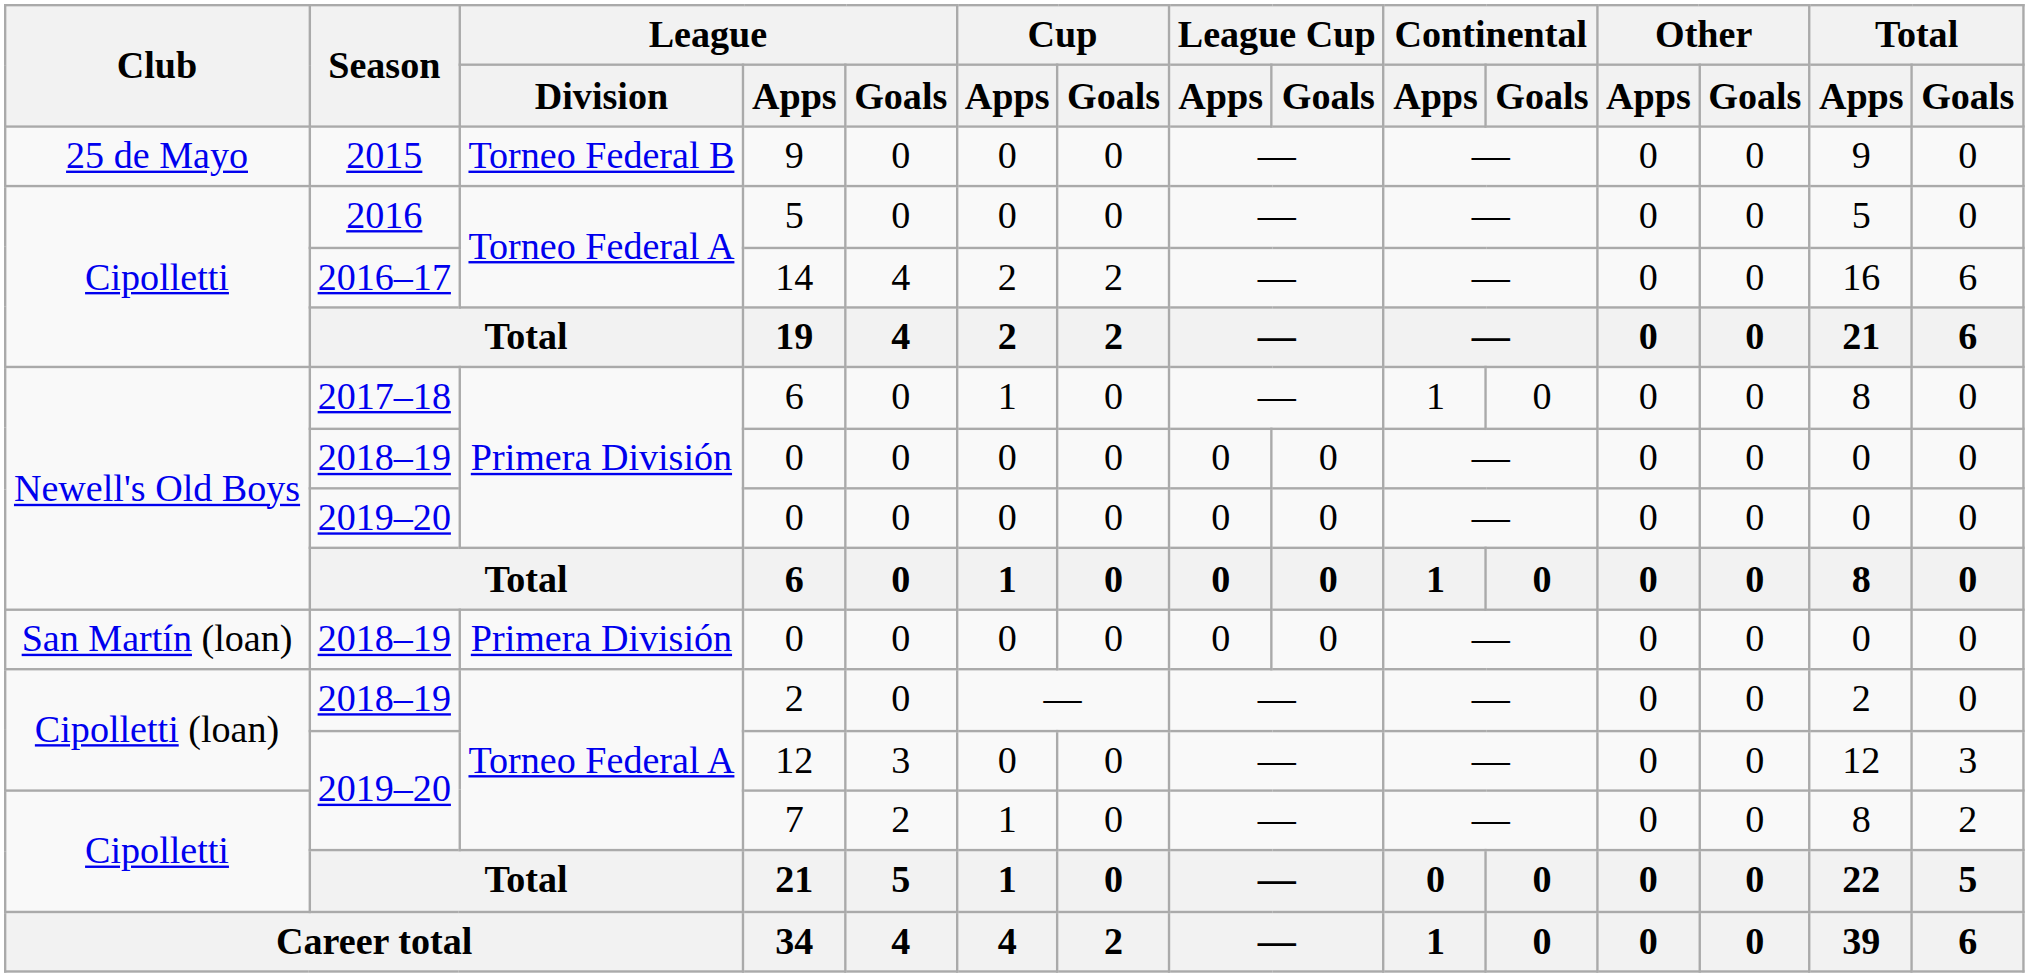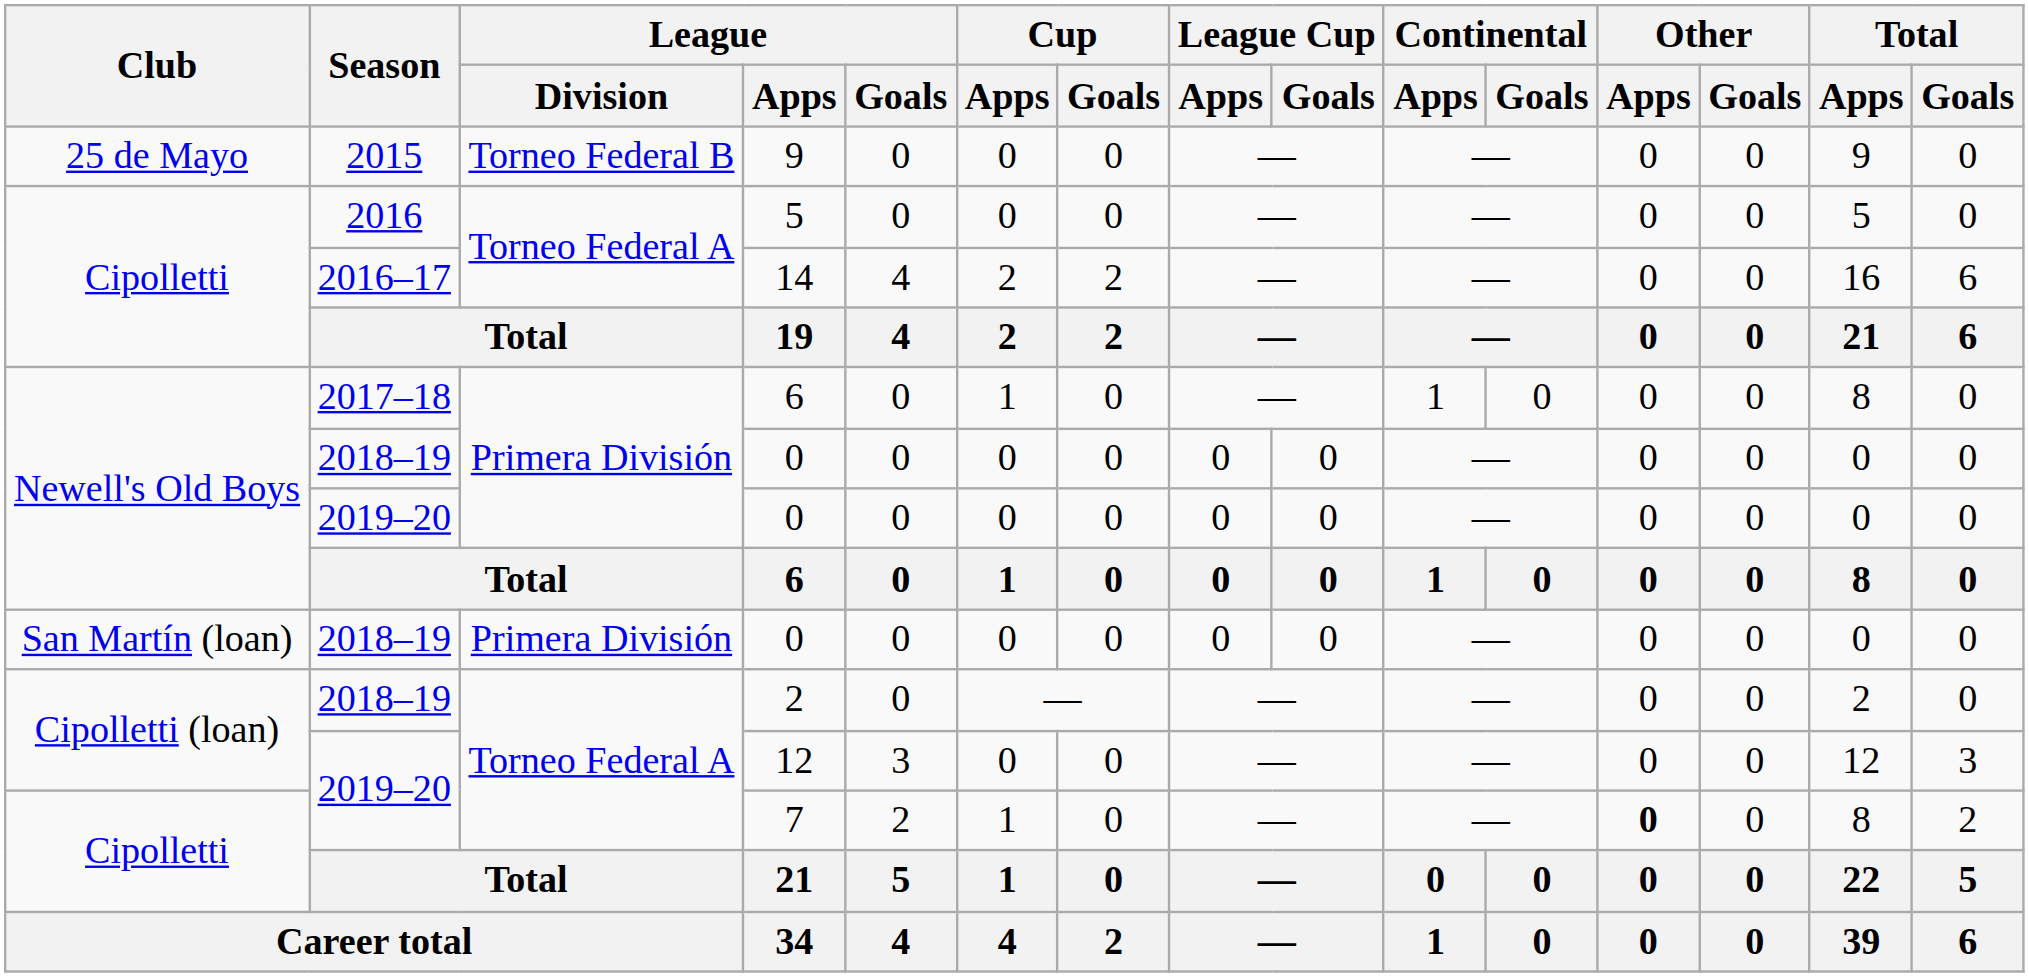 <table class="wikitable" style="text-align:center">
 <tr>
 <th rowspan="2">Club</th>
 <th rowspan="2">Season</th>
 <th colspan="3">League</th>
 <th colspan="2">Cup</th>
 <th colspan="2">League Cup</th>
 <th colspan="2">Continental</th>
 <th colspan="2">Other</th>
 <th colspan="2">Total</th>
 </tr>
 <tr>
 <th>Division</th>
 <th>Apps</th>
 <th>Goals</th>
 <th>Apps</th>
 <th>Goals</th>
 <th>Apps</th>
 <th>Goals</th>
 <th>Apps</th>
 <th>Goals</th>
 <th>Apps</th>
 <th>Goals</th>
 <th>Apps</th>
 <th>Goals</th>
 </tr>
 <tr>
 <td rowspan="1"><a href='#'>25 de Mayo</a></td>
 <td><a href='#'>2015</a></td>
 <td rowspan="1"><a href='#'>Torneo Federal B</a></td>
 <td>9</td>
 <td>0</td>
 <td>0</td>
 <td>0</td>
 <td colspan="2">—</td>
 <td colspan="2">—</td>
 <td>0</td>
 <td>0</td>
 <td>9</td>
 <td>0</td>
 </tr>
 <tr>
 <td rowspan="3"><a href='#'>Cipolletti</a></td>
 <td><a href='#'>2016</a></td>
 <td rowspan="2"><a href='#'>Torneo Federal A</a></td>
 <td>5</td>
 <td>0</td>
 <td>0</td>
 <td>0</td>
 <td colspan="2">—</td>
 <td colspan="2">—</td>
 <td>0</td>
 <td>0</td>
 <td>5</td>
 <td>0</td>
 </tr>
 <tr>
 <td><a href='#'>2016–17</a></td>
 <td>14</td>
 <td>4</td>
 <td>2</td>
 <td>2</td>
 <td colspan="2">—</td>
 <td colspan="2">—</td>
 <td>0</td>
 <td>0</td>
 <td>16</td>
 <td>6</td>
 </tr>
 <tr>
 <th colspan="2">Total</th>
 <th>19</th>
 <th>4</th>
 <th>2</th>
 <th>2</th>
 <th colspan="2">—</th>
 <th colspan="2">—</th>
 <th>0</th>
 <th>0</th>
 <th>21</th>
 <th>6</th>
 </tr>
 <tr>
 <td rowspan="4"><a href='#'>Newell's Old Boys</a></td>
 <td><a href='#'>2017–18</a></td>
 <td rowspan="3"><a href='#'>Primera División</a></td>
 <td>6</td>
 <td>0</td>
 <td>1</td>
 <td>0</td>
 <td colspan="2">—</td>
 <td>1</td>
 <td>0</td>
 <td>0</td>
 <td>0</td>
 <td>8</td>
 <td>0</td>
 </tr>
 <tr>
 <td><a href='#'>2018–19</a></td>
 <td>0</td>
 <td>0</td>
 <td>0</td>
 <td>0</td>
 <td>0</td>
 <td>0</td>
 <td colspan="2">—</td>
 <td>0</td>
 <td>0</td>
 <td>0</td>
 <td>0</td>
 </tr>
 <tr>
 <td><a href='#'>2019–20</a></td>
 <td>0</td>
 <td>0</td>
 <td>0</td>
 <td>0</td>
 <td>0</td>
 <td>0</td>
 <td colspan="2">—</td>
 <td>0</td>
 <td>0</td>
 <td>0</td>
 <td>0</td>
 </tr>
 <tr>
 <th colspan="2">Total</th>
 <th>6</th>
 <th>0</th>
 <th>1</th>
 <th>0</th>
 <th>0</th>
 <th>0</th>
 <th>1</th>
 <th>0</th>
 <th>0</th>
 <th>0</th>
 <th>8</th>
 <th>0</th>
 </tr>
 <tr>
 <td rowspan="1"><a href='#'>San Martín</a> (loan)</td>
 <td><a href='#'>2018–19</a></td>
 <td rowspan="1"><a href='#'>Primera División</a></td>
 <td>0</td>
 <td>0</td>
 <td>0</td>
 <td>0</td>
 <td>0</td>
 <td>0</td>
 <td colspan="2">—</td>
 <td>0</td>
 <td>0</td>
 <td>0</td>
 <td>0</td>
 </tr>
 <tr>
 <td rowspan="2"><a href='#'>Cipolletti</a> (loan)</td>
 <td><a href='#'>2018–19</a></td>
 <td rowspan="3"><a href='#'>Torneo Federal A</a></td>
 <td>2</td>
 <td>0</td>
 <td colspan="2">—</td>
 <td colspan="2">—</td>
 <td colspan="2">—</td>
 <td>0</td>
 <td>0</td>
 <td>2</td>
 <td>0</td>
 </tr>
 <tr>
 <td rowspan="2"><a href='#'>2019–20</a></td>
 <td>12</td>
 <td>3</td>
 <td>0</td>
 <td>0</td>
 <td colspan="2">—</td>
 <td colspan="2">—</td>
 <td>0</td>
 <td>0</td>
 <td>12</td>
 <td>3</td>
 </tr>
 <tr>
 <td rowspan="2"><a href='#'>Cipolletti</a></td>
 <td>7</td>
 <td>2</td>
 <td>1</td>
 <td>0</td>
 <td colspan="2">—</td>
 <td colspan="2">—</td>
-<td>0</td>
+<td><strong>0</strong></td>
 <td>0</td>
 <td>8</td>
 <td>2</td>
 </tr>
 <tr>
 <th colspan="2">Total</th>
 <th>21</th>
 <th>5</th>
 <th>1</th>
 <th>0</th>
 <th colspan="2">—</th>
 <th>0</th>
 <th>0</th>
 <th>0</th>
 <th>0</th>
 <th>22</th>
 <th>5</th>
 </tr>
 <tr>
 <th colspan="3">Career total</th>
 <th>34</th>
 <th>4</th>
 <th>4</th>
 <th>2</th>
 <th colspan="2">—</th>
 <th>1</th>
 <th>0</th>
 <th>0</th>
 <th>0</th>
 <th>39</th>
 <th>6</th>
 </tr>
 </table>
